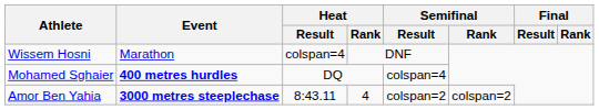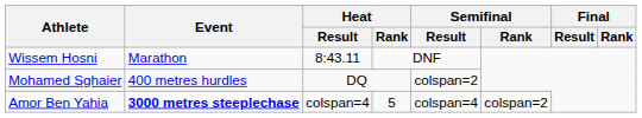 <table class="wikitable" style="font-size:90%">
 <tr>
 <th rowspan="2">Athlete</th>
 <th rowspan="2">Event</th>
 <th colspan="2">Heat</th>
 <th colspan="2">Semifinal</th>
 <th colspan="2">Final</th>
 </tr>
 <tr style="font-size:95%">
 <th>Result</th>
 <th>Rank</th>
 <th>Result</th>
 <th>Rank</th>
 <th>Result</th>
 <th>Rank</th>
 </tr>
 <tr style=text-align:center>
 <td style=text-align:left><a href='#'>Wissem Hosni</a></td>
 <td style=text-align:left><a href='#'>Marathon</a></td>
-<td>colspan=4 </td>
+<td>8:43.11</td>
 <td colspan=2>DNF</td>
 </tr>
 <tr style=text-align:center>
 <td style=text-align:left><a href='#'>Mohamed Sghaier</a></td>
-<td style=text-align:left><strong><a href='#'>400 metres hurdles</a></strong></td>
+<td style=text-align:left><a href='#'>400 metres hurdles</a></td>
 <td colspan=2>DQ</td>
-<td>colspan=4 </td>
+<td>colspan=2 </td>
 </tr>
 <tr style=text-align:center>
 <td style=text-align:left><a href='#'>Amor Ben Yahia</a></td>
 <td style=text-align:left><strong><a href='#'>3000 metres steeplechase</a></strong></td>
-<td>8:43.11</td>
-<td>4</td>
-<td>colspan=2 </td>
+<td>colspan=4 </td>
+<td>5</td>
+<td>colspan=4 </td>
 <td>colspan=2 </td>
 </tr>
 </table>
